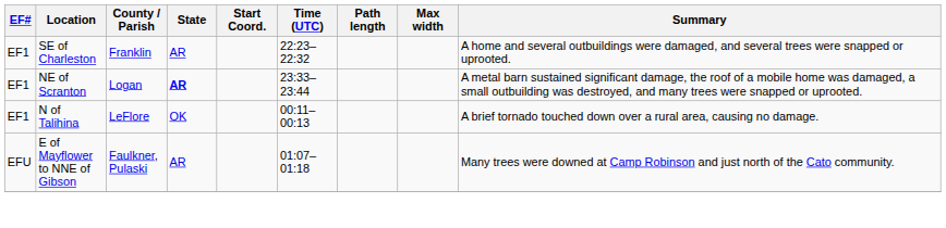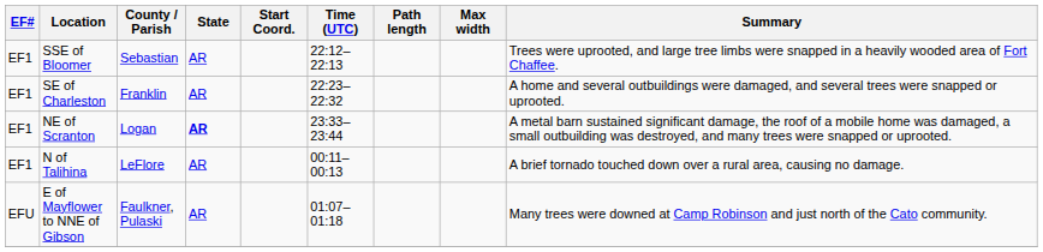 <table class="wikitable sortable" style="width:100%;">
 <tr>
 <th scope="col"  style="width:3%; text-align:center;"><a href='#'>EF#</a></th>
 <th scope="col"  style="width:7%; text-align:center;" class="unsortable">Location</th>
 <th scope="col"  style="width:6%; text-align:center;" class="unsortable">County / Parish</th>
 <th scope="col"  style="width:5%; text-align:center;">State</th>
 <th scope="col"  style="width:6%; text-align:center;">Start Coord.</th>
 <th scope="col"  style="width:6%; text-align:center;">Time (<a href='#'>UTC</a>)</th>
 <th scope="col"  style="width:6%; text-align:center;">Path length</th>
 <th scope="col"  style="width:6%; text-align:center;">Max width</th>
 <th scope="col" class="unsortable" style="width:48%; text-align:center;">Summary</th>
+</tr>
+<tr>
+<td>EF1</td>
+<td>SSE of <a href='#'>Bloomer</a></td>
+<td><a href='#'>Sebastian</a></td>
+<td><a href='#'>AR</a></td>
+<td></td>
+<td>22:12–22:13</td>
+<td></td>
+<td></td>
+<td>Trees were uprooted, and large tree limbs were snapped in a heavily wooded area of <a href='#'>Fort Chaffee</a>.</td>
 </tr>
 <tr>
 <td>EF1</td>
 <td>SE of <a href='#'>Charleston</a></td>
 <td><a href='#'>Franklin</a></td>
 <td><a href='#'>AR</a></td>
 <td></td>
 <td>22:23–22:32</td>
 <td></td>
 <td></td>
 <td>A home and several outbuildings were damaged, and several trees were snapped or uprooted.</td>
 </tr>
 <tr>
 <td>EF1</td>
 <td>NE of <a href='#'>Scranton</a></td>
 <td><a href='#'>Logan</a></td>
 <td><strong><a href='#'>AR</a></strong></td>
 <td></td>
 <td>23:33–23:44</td>
 <td></td>
 <td></td>
 <td>A metal barn sustained significant damage, the roof of a mobile home was damaged, a small outbuilding was destroyed, and many trees were snapped or uprooted.</td>
 </tr>
 <tr>
 <td>EF1</td>
 <td>N of <a href='#'>Talihina</a></td>
 <td><a href='#'>LeFlore</a></td>
-<td><a href='#'>OK</a></td>
+<td><a href='#'>AR</a></td>
 <td></td>
 <td>00:11–00:13</td>
 <td></td>
 <td></td>
 <td>A brief tornado touched down over a rural area, causing no damage.</td>
 </tr>
 <tr>
 <td>EFU</td>
 <td>E of <a href='#'>Mayflower</a> to NNE of <a href='#'>Gibson</a></td>
 <td><a href='#'>Faulkner</a>, <a href='#'>Pulaski</a></td>
 <td><a href='#'>AR</a></td>
 <td></td>
 <td>01:07–01:18</td>
 <td></td>
 <td></td>
 <td>Many trees were downed at <a href='#'>Camp Robinson</a> and just north of the <a href='#'>Cato</a> community.</td>
 </tr>
 <tr>
 </tr>
 </table>
